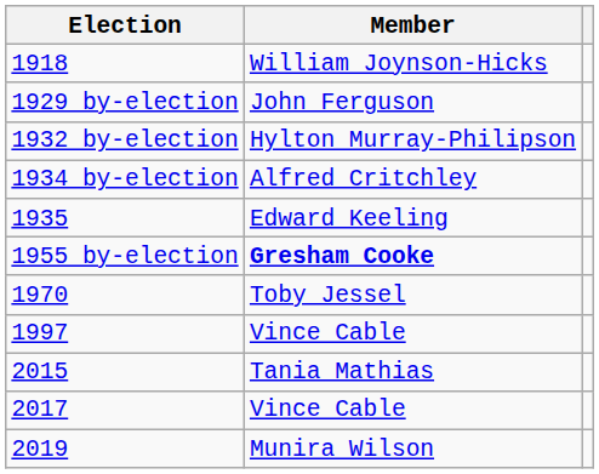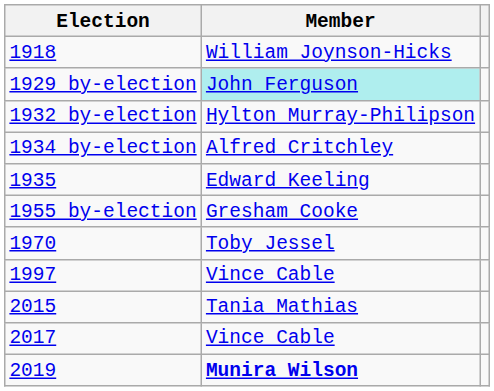 <table class="wikitable">
 <tr>
 <th>Election</th>
 <th>Member</th>
 <th colspan="2"></th>
 </tr>
 <tr>
 <td><a href='#'>1918</a></td>
 <td><a href='#'>William Joynson-Hicks</a></td>
 <td></td>
 </tr>
 <tr>
 <td><a href='#'>1929 by-election</a></td>
-<td><a href='#'>John Ferguson</a></td>
+<td style="background: paleturquoise;"><a href='#'>John Ferguson</a></td>
 <td></td>
 </tr>
 <tr>
 <td><a href='#'>1932 by-election</a></td>
 <td><a href='#'>Hylton Murray-Philipson</a></td>
 <td></td>
 </tr>
 <tr>
 <td><a href='#'>1934 by-election</a></td>
 <td><a href='#'>Alfred Critchley</a></td>
 <td></td>
 </tr>
 <tr>
 <td><a href='#'>1935</a></td>
 <td><a href='#'>Edward Keeling</a></td>
 <td></td>
 </tr>
 <tr>
 <td><a href='#'>1955 by-election</a></td>
-<td><strong><a href='#'>Gresham Cooke</a></strong></td>
+<td><a href='#'>Gresham Cooke</a></td>
 <td></td>
 </tr>
 <tr>
 <td><a href='#'>1970</a></td>
 <td><a href='#'>Toby Jessel</a></td>
 <td></td>
 </tr>
 <tr>
 <td><a href='#'>1997</a></td>
 <td><a href='#'>Vince Cable</a></td>
 <td></td>
 </tr>
 <tr>
 <td><a href='#'>2015</a></td>
 <td><a href='#'>Tania Mathias</a></td>
 <td></td>
 </tr>
 <tr>
 <td><a href='#'>2017</a></td>
 <td><a href='#'>Vince Cable</a></td>
 <td></td>
 </tr>
 <tr>
 <td><a href='#'>2019</a></td>
-<td><a href='#'>Munira Wilson</a></td>
+<td><strong><a href='#'>Munira Wilson</a></strong></td>
 <td></td>
 </tr>
 </table>
